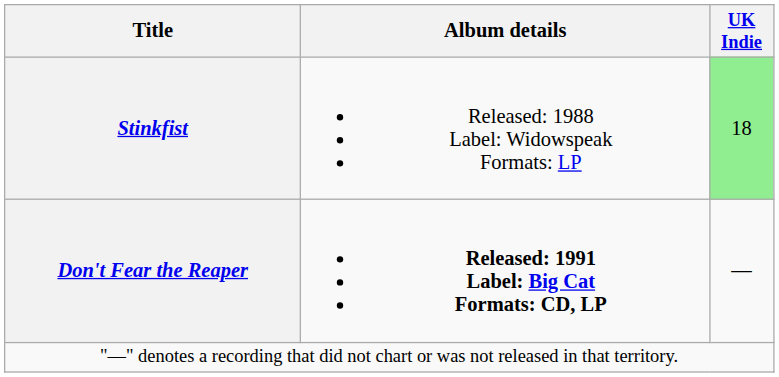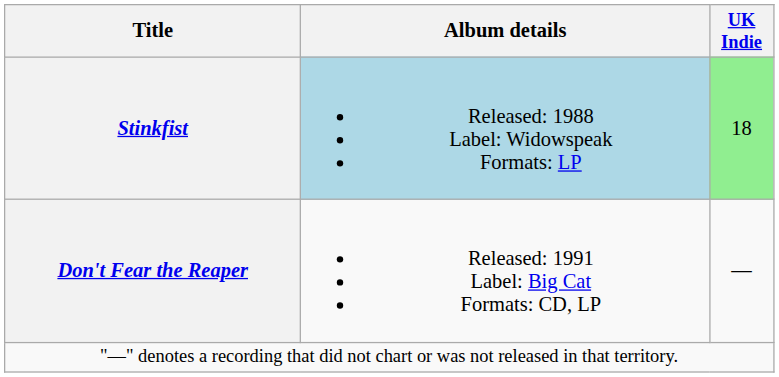 <table class="wikitable plainrowheaders" style="text-align:center;">
 <tr>
 <th scope="col" rowspan="1" style="width:14em;">Title</th>
 <th scope="col" rowspan="1" style="width:19.5em;">Album details</th>
 <th scope="col" rowspan="1" style="width:3em;font-size:90%;"><a href='#'>UK Indie</a><br></th>
 </tr>
 <tr>
 <th scope="row"><em><a href='#'>Stinkfist</a></em></th>
-<td><br><ul><li>Released: 1988</li><li>Label: Widowspeak</li><li>Formats: <a href='#'>LP</a></li></ul></td>
+<td style="background: lightblue;"><br><ul><li>Released: 1988</li><li>Label: Widowspeak</li><li>Formats: <a href='#'>LP</a></li></ul></td>
 <td style="background: lightgreen;">18</td>
 </tr>
 <tr>
 <th scope="row"><em><a href='#'>Don't Fear the Reaper</a></em></th>
-<td><strong><br><ul><li>Released: 1991</li><li>Label: <a href='#'>Big Cat</a></li><li>Formats: CD, LP</li></ul></strong></td>
+<td><br><ul><li>Released: 1991</li><li>Label: <a href='#'>Big Cat</a></li><li>Formats: CD, LP</li></ul></td>
 <td>—</td>
 </tr>
 <tr>
 <td colspan="6" style="font-size:90%">"—" denotes a recording that did not chart or was not released in that territory.</td>
 </tr>
 </table>
